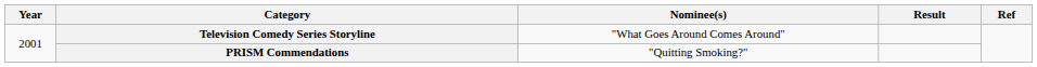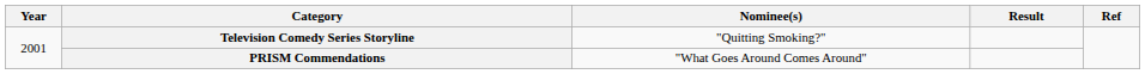 <table class="wikitable plainrowheaders" style="font-size: 90%; text-align:center" width=100%>
 <tr>
 <th scope="col" width="5%">Year</th>
 <th scope="col" width="45%">Category</th>
 <th scope="col" width="35%">Nominee(s)</th>
 <th scope="col" width="10%">Result</th>
 <th scope="col" width="5%">Ref</th>
 </tr>
 <tr>
 <td rowspan=2>2001</td>
 <th scope="row" style="text-align:center">Television Comedy Series Storyline</th>
-<td>"What Goes Around Comes Around"</td>
+<td>"Quitting Smoking?"</td>
 <td></td>
 <td rowspan=2></td>
 </tr>
 <tr>
 <th scope="row" style="text-align:center">PRISM Commendations</th>
-<td>"Quitting Smoking?"</td>
+<td>"What Goes Around Comes Around"</td>
 <td></td>
 </tr>
 </table>
